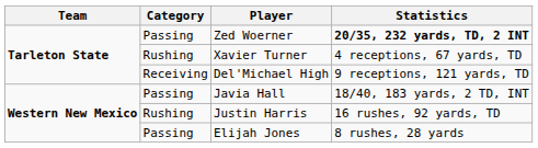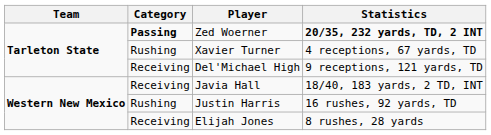 <table class="wikitable" style="float: left;">
 <tr>
 <th>Team</th>
 <th>Category</th>
 <th>Player</th>
 <th>Statistics</th>
 </tr>
 <tr>
 <td rowspan=3><strong>Tarleton State</strong></td>
-<td>Passing</td>
+<td><strong>Passing</strong></td>
 <td>Zed Woerner</td>
 <td><strong>20/35, 232 yards, TD, 2 INT</strong></td>
 </tr>
 <tr>
 <td>Rushing</td>
 <td>Xavier Turner</td>
 <td>4 receptions, 67 yards, TD</td>
 </tr>
 <tr>
 <td>Receiving</td>
 <td>Del'Michael High</td>
 <td>9 receptions, 121 yards, TD</td>
 </tr>
 <tr>
 <td rowspan=3><strong>Western New Mexico</strong></td>
-<td>Passing</td>
+<td>Receiving</td>
 <td>Javia Hall</td>
 <td>18/40, 183 yards, 2 TD, INT</td>
 </tr>
 <tr>
 <td>Rushing</td>
 <td>Justin Harris</td>
 <td>16 rushes, 92 yards, TD</td>
 </tr>
 <tr>
-<td>Passing</td>
+<td>Receiving</td>
 <td>Elijah Jones</td>
 <td>8 rushes, 28 yards</td>
 </tr>
 </table>
